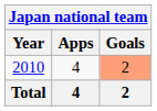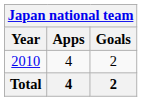 <table class="wikitable" style="text-align:center">
 <tr>
 <th colspan=3><a href='#'>Japan national team</a></th>
 </tr>
 <tr>
 <th>Year</th>
 <th>Apps</th>
 <th>Goals</th>
 </tr>
 <tr>
 <td><a href='#'>2010</a></td>
 <td>4</td>
-<td style="background: lightsalmon;">2</td>
+<td>2</td>
 </tr>
 <tr>
 <th>Total</th>
 <th>4</th>
 <th>2</th>
 </tr>
 </table>
